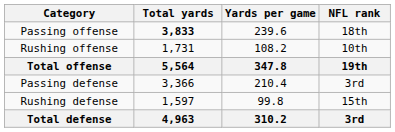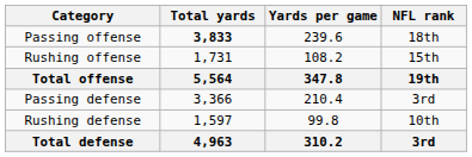 <table class="wikitable" style="text-align:center">
 <tr>
 <th width="150">Category</th>
 <th width="100">Total yards</th>
 <th width="110">Yards per game</th>
 <th width="80">NFL rank<br></th>
 </tr>
 <tr>
 <td>Passing offense</td>
 <td><strong>3,833</strong></td>
 <td>239.6</td>
 <td>18th</td>
 </tr>
 <tr>
 <td>Rushing offense</td>
 <td>1,731</td>
 <td>108.2</td>
-<td>10th</td>
+<td>15th</td>
 </tr>
 <tr>
 <th>Total offense</th>
 <th>5,564</th>
 <th>347.8</th>
 <th>19th</th>
 </tr>
 <tr>
 <td>Passing defense</td>
 <td>3,366</td>
 <td>210.4</td>
 <td>3rd</td>
 </tr>
 <tr>
 <td>Rushing defense</td>
 <td>1,597</td>
 <td>99.8</td>
-<td>15th</td>
+<td>10th</td>
 </tr>
 <tr>
 <th>Total defense</th>
 <th>4,963</th>
 <th>310.2</th>
 <th>3rd</th>
 </tr>
 </table>
